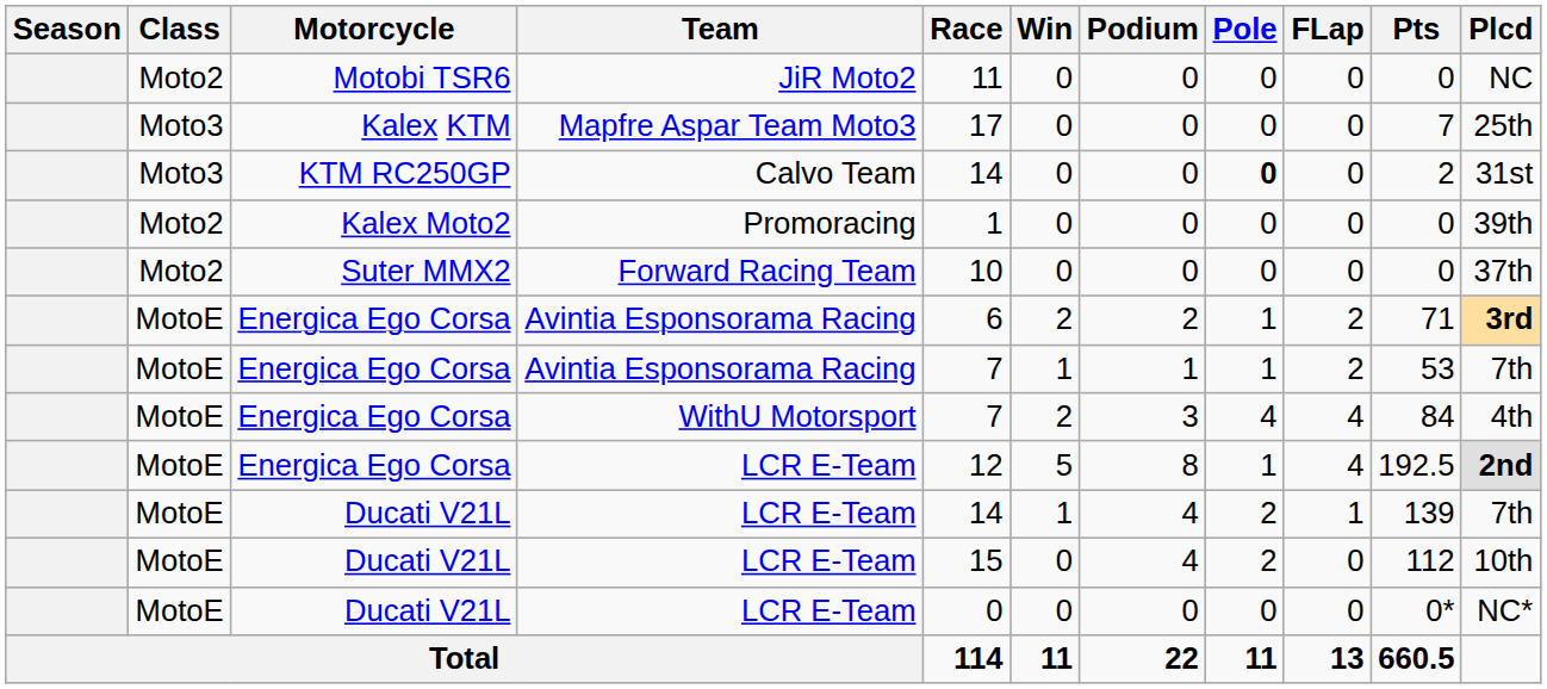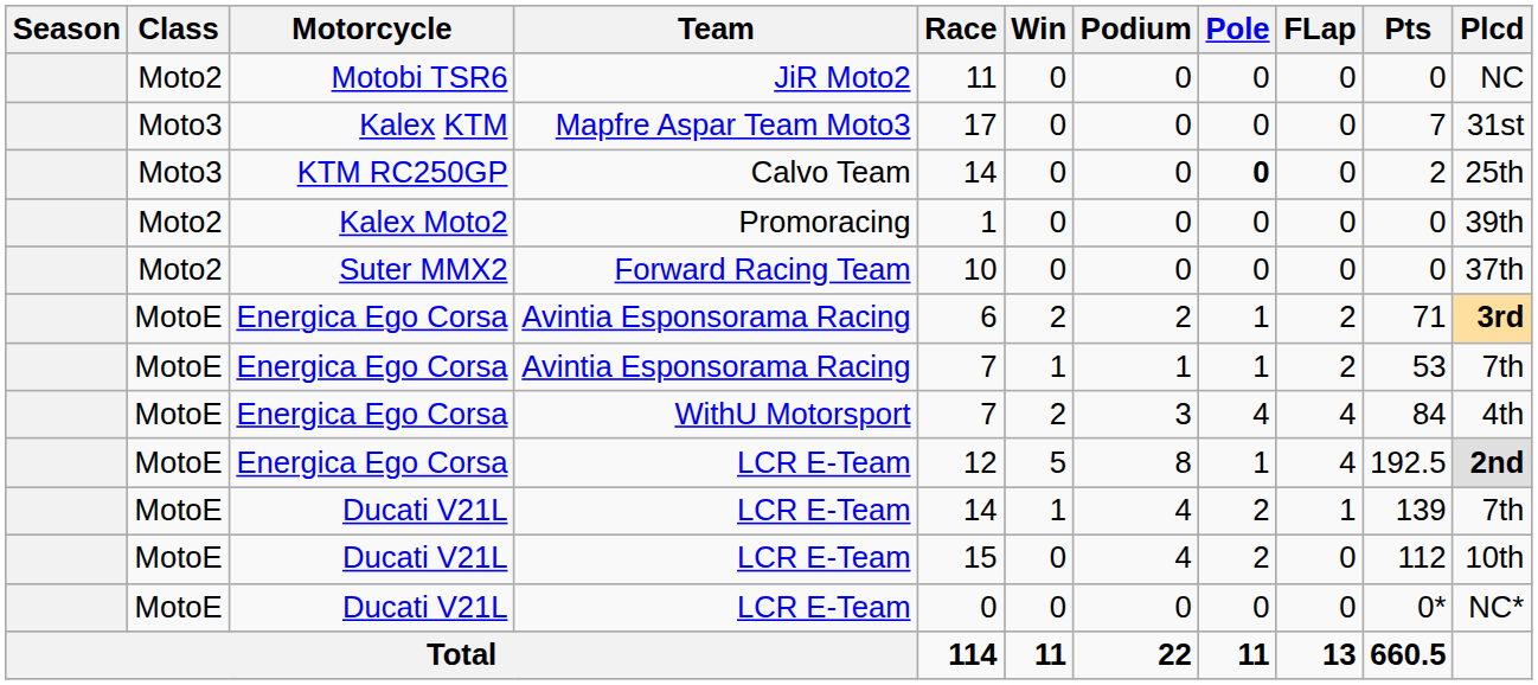 <table class="wikitable" style=text-align:right>
 <tr>
 <th>Season</th>
 <th>Class</th>
 <th>Motorcycle</th>
 <th>Team</th>
 <th>Race</th>
 <th>Win</th>
 <th>Podium</th>
 <th><a href='#'>Pole</a></th>
 <th>FLap</th>
 <th>Pts</th>
 <th>Plcd</th>
 </tr>
 <tr>
 <th></th>
 <td>Moto2</td>
 <td><a href='#'>Motobi TSR6</a></td>
 <td><a href='#'>JiR Moto2</a></td>
 <td>11</td>
 <td>0</td>
 <td>0</td>
 <td>0</td>
 <td>0</td>
 <td>0</td>
 <td>NC</td>
 </tr>
 <tr>
 <th></th>
 <td>Moto3</td>
 <td><a href='#'>Kalex</a> <a href='#'>KTM</a></td>
 <td><a href='#'>Mapfre Aspar Team Moto3</a></td>
 <td>17</td>
 <td>0</td>
 <td>0</td>
 <td>0</td>
 <td>0</td>
 <td>7</td>
-<td>25th</td>
+<td>31st</td>
 </tr>
 <tr>
 <th></th>
 <td>Moto3</td>
 <td><a href='#'>KTM RC250GP</a></td>
 <td>Calvo Team</td>
 <td>14</td>
 <td>0</td>
 <td>0</td>
 <td><strong>0</strong></td>
 <td>0</td>
 <td>2</td>
-<td>31st</td>
+<td>25th</td>
 </tr>
 <tr>
 <th></th>
 <td>Moto2</td>
 <td><a href='#'>Kalex Moto2</a></td>
 <td>Promoracing</td>
 <td>1</td>
 <td>0</td>
 <td>0</td>
 <td>0</td>
 <td>0</td>
 <td>0</td>
 <td>39th</td>
 </tr>
 <tr>
 <th></th>
 <td>Moto2</td>
 <td><a href='#'>Suter MMX2</a></td>
 <td><a href='#'>Forward Racing Team</a></td>
 <td>10</td>
 <td>0</td>
 <td>0</td>
 <td>0</td>
 <td>0</td>
 <td>0</td>
 <td>37th</td>
 </tr>
 <tr>
 <th></th>
 <td>MotoE</td>
 <td><a href='#'>Energica Ego Corsa</a></td>
 <td><a href='#'>Avintia Esponsorama Racing</a></td>
 <td>6</td>
 <td>2</td>
 <td>2</td>
 <td>1</td>
 <td>2</td>
 <td>71</td>
 <td style="background:#ffdf9f;"><strong>3rd</strong></td>
 </tr>
 <tr>
 <th></th>
 <td>MotoE</td>
 <td><a href='#'>Energica Ego Corsa</a></td>
 <td><a href='#'>Avintia Esponsorama Racing</a></td>
 <td>7</td>
 <td>1</td>
 <td>1</td>
 <td>1</td>
 <td>2</td>
 <td>53</td>
 <td>7th</td>
 </tr>
 <tr>
 <th></th>
 <td>MotoE</td>
 <td><a href='#'>Energica Ego Corsa</a></td>
 <td><a href='#'>WithU Motorsport</a></td>
 <td>7</td>
 <td>2</td>
 <td>3</td>
 <td>4</td>
 <td>4</td>
 <td>84</td>
 <td>4th</td>
 </tr>
 <tr>
 <th></th>
 <td>MotoE</td>
 <td><a href='#'>Energica Ego Corsa</a></td>
 <td><a href='#'>LCR E-Team</a></td>
 <td>12</td>
 <td>5</td>
 <td>8</td>
 <td>1</td>
 <td>4</td>
 <td>192.5</td>
 <td style="background:#dfdfdf;"><strong>2nd</strong></td>
 </tr>
 <tr>
 <th></th>
 <td>MotoE</td>
 <td><a href='#'>Ducati V21L</a></td>
 <td><a href='#'>LCR E-Team</a></td>
 <td>14</td>
 <td>1</td>
 <td>4</td>
 <td>2</td>
 <td>1</td>
 <td>139</td>
 <td>7th</td>
 </tr>
 <tr>
 <th></th>
 <td>MotoE</td>
 <td><a href='#'>Ducati V21L</a></td>
 <td><a href='#'>LCR E-Team</a></td>
 <td>15</td>
 <td>0</td>
 <td>4</td>
 <td>2</td>
 <td>0</td>
 <td>112</td>
 <td>10th</td>
 </tr>
 <tr>
 <th></th>
 <td>MotoE</td>
 <td><a href='#'>Ducati V21L</a></td>
 <td><a href='#'>LCR E-Team</a></td>
 <td>0</td>
 <td>0</td>
 <td>0</td>
 <td>0</td>
 <td>0</td>
 <td>0*</td>
 <td>NC*</td>
 </tr>
 <tr>
 <th colspan=4>Total</th>
 <td><strong>114</strong></td>
 <td><strong>11</strong></td>
 <td><strong>22</strong></td>
 <td><strong>11</strong></td>
 <td><strong>13</strong></td>
 <td><strong>660.5</strong></td>
 <td></td>
 </tr>
 </table>
